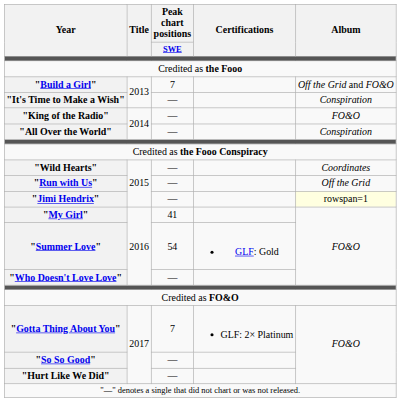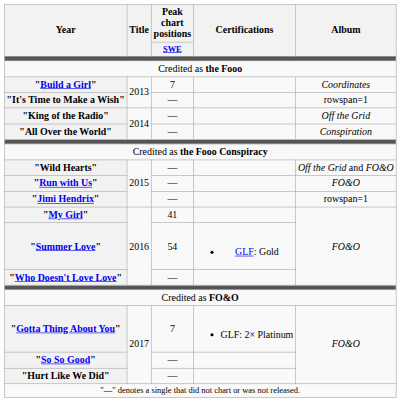 <table class="wikitable plainrowheaders" style="text-align:center;">
 <tr>
 <th scope="col" rowspan="2">Year</th>
 <th scope="col" rowspan="2">Title</th>
 <th scope="col">Peak chart positions</th>
 <th scope="col" rowspan="2">Certifications</th>
 <th scope="col" rowspan="2">Album</th>
 </tr>
 <tr>
 <th scope="col" style="width:3em;font-size:85%;"><a href='#'>SWE</a><br></th>
 </tr>
 <tr>
 <td colspan="5" style="background:#555;"></td>
 </tr>
 <tr>
 <td colspan=5>Credited as <strong>the Fooo</strong></td>
 </tr>
 <tr>
 <th scope="row">"<a href='#'>Build a Girl</a>"</th>
 <td rowspan="2">2013</td>
 <td>7</td>
 <td></td>
-<td rowspan="1"><em>Off the Grid</em> and <em>FO&O</em></td>
+<td><em>Coordinates</em></td>
 </tr>
 <tr>
 <th scope="row">"It's Time to Make a Wish"</th>
 <td>—</td>
 <td></td>
-<td><em>Conspiration</em></td>
+<td>rowspan=1 </td>
 </tr>
 <tr>
 <th scope="row">"King of the Radio"</th>
 <td rowspan="2">2014</td>
 <td>—</td>
 <td></td>
-<td><em>FO&O</em></td>
+<td rowspan="1"><em>Off the Grid</em></td>
 </tr>
 <tr>
 <th scope="row">"All Over the World"</th>
 <td>—</td>
 <td></td>
 <td><em>Conspiration</em></td>
 </tr>
 <tr>
 <td colspan="5" style="background:#555;"></td>
 </tr>
 <tr>
 <td colspan=5>Credited as <strong>the Fooo Conspiracy</strong></td>
 </tr>
 <tr>
 <th scope="row">"Wild Hearts"</th>
 <td rowspan="3">2015</td>
 <td>—</td>
 <td></td>
-<td><em>Coordinates</em></td>
+<td rowspan="1"><em>Off the Grid</em> and <em>FO&O</em></td>
 </tr>
 <tr>
 <th scope="row">"<a href='#'>Run with Us</a>"</th>
 <td>—</td>
 <td></td>
-<td rowspan="1"><em>Off the Grid</em></td>
+<td><em>FO&O</em></td>
 </tr>
 <tr>
 <th scope="row">"<a href='#'>Jimi Hendrix</a>"</th>
 <td>—</td>
 <td></td>
-<td style="background: lightyellow;">rowspan=1 </td>
+<td>rowspan=1 </td>
 </tr>
 <tr>
 <th scope="row">"<a href='#'>My Girl</a>"</th>
 <td rowspan="3">2016</td>
 <td>41</td>
 <td></td>
 <td rowspan="3"><em>FO&O</em></td>
 </tr>
 <tr>
 <th scope="row">"<a href='#'>Summer Love</a>"</th>
 <td>54</td>
 <td><br><ul><li><a href='#'>GLF</a>: Gold</li></ul></td>
 </tr>
 <tr>
 <th scope="row">"<a href='#'>Who Doesn't Love Love</a>"</th>
 <td>—</td>
 <td></td>
 </tr>
 <tr>
 <td colspan="5" style="background:#555;"></td>
 </tr>
 <tr>
 <td colspan=5>Credited as <strong>FO&O</strong></td>
 </tr>
 <tr>
 <th scope="row">"<a href='#'>Gotta Thing About You</a>"</th>
 <td rowspan="3">2017</td>
 <td>7</td>
 <td><br><ul><li>GLF: 2× Platinum</li></ul></td>
 <td rowspan="3"><em>FO&O</em></td>
 </tr>
 <tr>
 <th scope="row">"<a href='#'>So So Good</a>"</th>
 <td>—</td>
 <td></td>
 </tr>
 <tr>
 <th scope="row">"Hurt Like We Did"</th>
 <td>—</td>
 <td></td>
 </tr>
 <tr>
 <td colspan="5" style="text-align:center; font-size:85%;">"—" denotes a single that did not chart or was not released.</td>
 </tr>
 </table>
